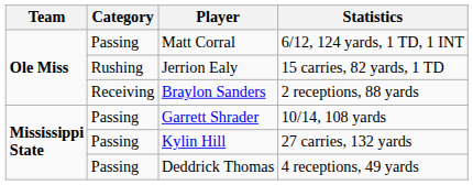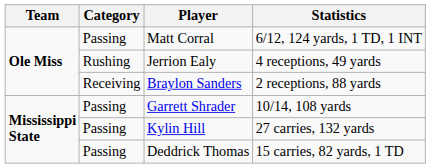 <table class="wikitable" style="float: right;">
 <tr>
 <th>Team</th>
 <th>Category</th>
 <th>Player</th>
 <th>Statistics</th>
 </tr>
 <tr>
 <td rowspan=3><strong>Ole Miss</strong></td>
 <td>Passing</td>
 <td>Matt Corral</td>
 <td>6/12, 124 yards, 1 TD, 1 INT</td>
 </tr>
 <tr>
 <td>Rushing</td>
 <td>Jerrion Ealy</td>
-<td>15 carries, 82 yards, 1 TD</td>
+<td>4 receptions, 49 yards</td>
 </tr>
 <tr>
 <td>Receiving</td>
 <td><a href='#'>Braylon Sanders</a></td>
 <td>2 receptions, 88 yards</td>
 </tr>
 <tr>
 <td rowspan=3><strong>Mississippi<br>State<br></strong></td>
 <td>Passing</td>
 <td><a href='#'>Garrett Shrader</a></td>
 <td>10/14, 108 yards</td>
 </tr>
 <tr>
 <td>Passing</td>
 <td><a href='#'>Kylin Hill</a></td>
 <td>27 carries, 132 yards</td>
 </tr>
 <tr>
 <td>Passing</td>
 <td>Deddrick Thomas</td>
-<td>4 receptions, 49 yards</td>
+<td>15 carries, 82 yards, 1 TD</td>
 </tr>
 </table>
